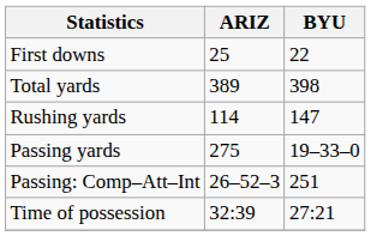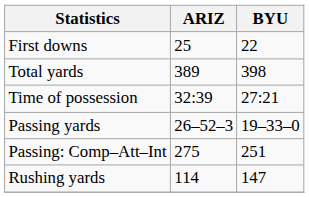 <table class="wikitable" style="float: left;">
 <tr>
 <th>Statistics</th>
 <th>ARIZ</th>
 <th>BYU</th>
 </tr>
 <tr>
 <td>First downs</td>
 <td>25</td>
 <td>22</td>
 </tr>
 <tr>
 <td>Total yards</td>
 <td>389</td>
 <td>398</td>
 </tr>
 <tr>
+<td>Time of possession</td>
+<td>32:39</td>
+<td>27:21</td>
+</tr>
+<tr>
+<td>Passing yards</td>
+<td>26–52–3</td>
+<td>19–33–0</td>
+</tr>
+<tr>
+<td>Passing: Comp–Att–Int</td>
+<td>275</td>
+<td>251</td>
+</tr>
+<tr>
 <td>Rushing yards</td>
 <td>114</td>
 <td>147</td>
 </tr>
 <tr>
-<td>Passing yards</td>
-<td>275</td>
-<td>19–33–0</td>
-</tr>
-<tr>
-<td>Passing: Comp–Att–Int</td>
-<td>26–52–3</td>
-<td>251</td>
-</tr>
-<tr>
-<td>Time of possession</td>
-<td>32:39</td>
-<td>27:21</td>
-</tr>
-<tr>
 </tr>
 </table>
